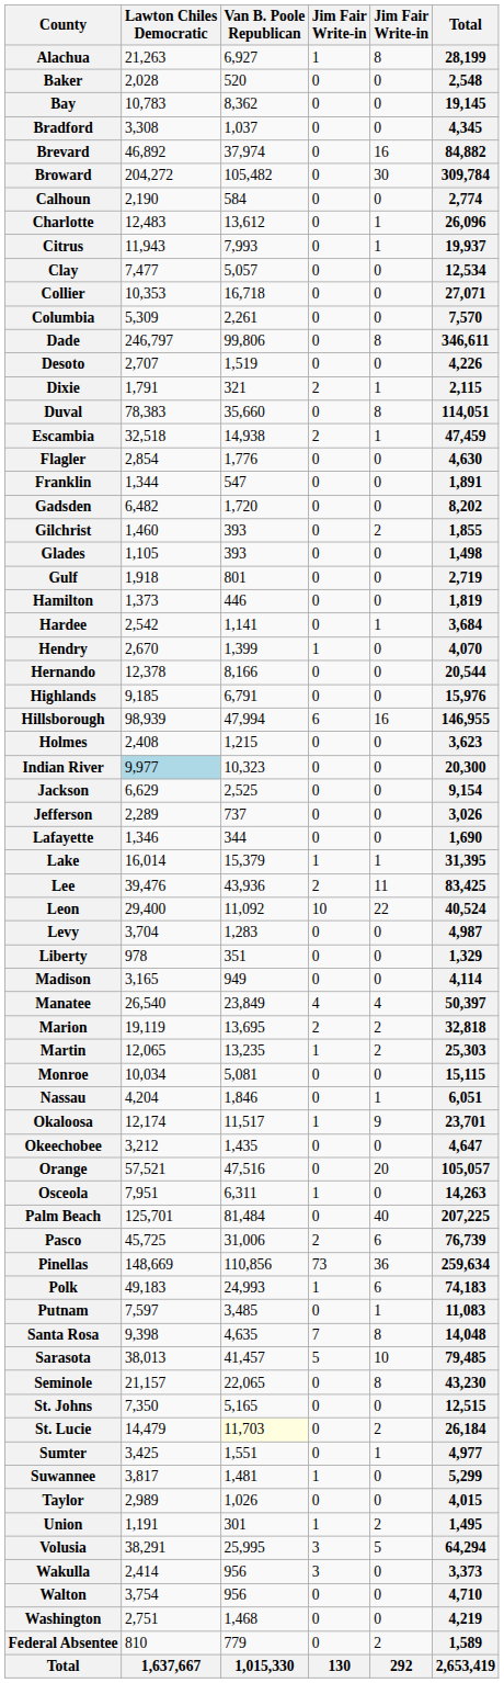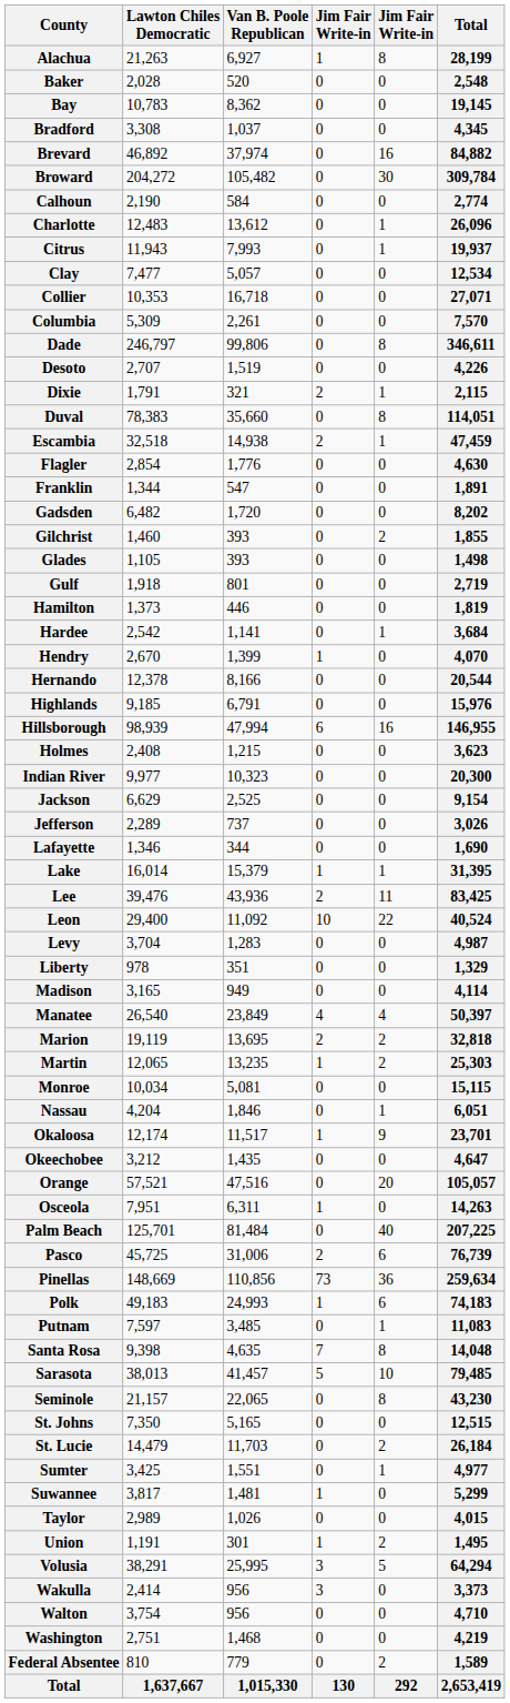 <table class="wikitable">
 <tr>
 <th>County</th>
 <th>Lawton Chiles<br>Democratic</th>
 <th>Van B. Poole<br>Republican</th>
 <th>Jim Fair<br>Write-in</th>
 <th>Jim Fair<br>Write-in</th>
 <th>Total</th>
 </tr>
 <tr>
 <th>Alachua</th>
 <td>21,263</td>
 <td>6,927</td>
 <td>1</td>
 <td>8</td>
 <th>28,199</th>
 </tr>
 <tr>
 <th>Baker</th>
 <td>2,028</td>
 <td>520</td>
 <td>0</td>
 <td>0</td>
 <th>2,548</th>
 </tr>
 <tr>
 <th>Bay</th>
 <td>10,783</td>
 <td>8,362</td>
 <td>0</td>
 <td>0</td>
 <th>19,145</th>
 </tr>
 <tr>
 <th>Bradford</th>
 <td>3,308</td>
 <td>1,037</td>
 <td>0</td>
 <td>0</td>
 <th>4,345</th>
 </tr>
 <tr>
 <th>Brevard</th>
 <td>46,892</td>
 <td>37,974</td>
 <td>0</td>
 <td>16</td>
 <th>84,882</th>
 </tr>
 <tr>
 <th>Broward</th>
 <td>204,272</td>
 <td>105,482</td>
 <td>0</td>
 <td>30</td>
 <th>309,784</th>
 </tr>
 <tr>
 <th>Calhoun</th>
 <td>2,190</td>
 <td>584</td>
 <td>0</td>
 <td>0</td>
 <th>2,774</th>
 </tr>
 <tr>
 <th>Charlotte</th>
 <td>12,483</td>
 <td>13,612</td>
 <td>0</td>
 <td>1</td>
 <th>26,096</th>
 </tr>
 <tr>
 <th>Citrus</th>
 <td>11,943</td>
 <td>7,993</td>
 <td>0</td>
 <td>1</td>
 <th>19,937</th>
 </tr>
 <tr>
 <th>Clay</th>
 <td>7,477</td>
 <td>5,057</td>
 <td>0</td>
 <td>0</td>
 <th>12,534</th>
 </tr>
 <tr>
 <th>Collier</th>
 <td>10,353</td>
 <td>16,718</td>
 <td>0</td>
 <td>0</td>
 <th>27,071</th>
 </tr>
 <tr>
 <th>Columbia</th>
 <td>5,309</td>
 <td>2,261</td>
 <td>0</td>
 <td>0</td>
 <th>7,570</th>
 </tr>
 <tr>
 <th>Dade</th>
 <td>246,797</td>
 <td>99,806</td>
 <td>0</td>
 <td>8</td>
 <th>346,611</th>
 </tr>
 <tr>
 <th>Desoto</th>
 <td>2,707</td>
 <td>1,519</td>
 <td>0</td>
 <td>0</td>
 <th>4,226</th>
 </tr>
 <tr>
 <th>Dixie</th>
 <td>1,791</td>
 <td>321</td>
 <td>2</td>
 <td>1</td>
 <th>2,115</th>
 </tr>
 <tr>
 <th>Duval</th>
 <td>78,383</td>
 <td>35,660</td>
 <td>0</td>
 <td>8</td>
 <th>114,051</th>
 </tr>
 <tr>
 <th>Escambia</th>
 <td>32,518</td>
 <td>14,938</td>
 <td>2</td>
 <td>1</td>
 <th>47,459</th>
 </tr>
 <tr>
 <th>Flagler</th>
 <td>2,854</td>
 <td>1,776</td>
 <td>0</td>
 <td>0</td>
 <th>4,630</th>
 </tr>
 <tr>
 <th>Franklin</th>
 <td>1,344</td>
 <td>547</td>
 <td>0</td>
 <td>0</td>
 <th>1,891</th>
 </tr>
 <tr>
 <th>Gadsden</th>
 <td>6,482</td>
 <td>1,720</td>
 <td>0</td>
 <td>0</td>
 <th>8,202</th>
 </tr>
 <tr>
 <th>Gilchrist</th>
 <td>1,460</td>
 <td>393</td>
 <td>0</td>
 <td>2</td>
 <th>1,855</th>
 </tr>
 <tr>
 <th>Glades</th>
 <td>1,105</td>
 <td>393</td>
 <td>0</td>
 <td>0</td>
 <th>1,498</th>
 </tr>
 <tr>
 <th>Gulf</th>
 <td>1,918</td>
 <td>801</td>
 <td>0</td>
 <td>0</td>
 <th>2,719</th>
 </tr>
 <tr>
 <th>Hamilton</th>
 <td>1,373</td>
 <td>446</td>
 <td>0</td>
 <td>0</td>
 <th>1,819</th>
 </tr>
 <tr>
 <th>Hardee</th>
 <td>2,542</td>
 <td>1,141</td>
 <td>0</td>
 <td>1</td>
 <th>3,684</th>
 </tr>
 <tr>
 <th>Hendry</th>
 <td>2,670</td>
 <td>1,399</td>
 <td>1</td>
 <td>0</td>
 <th>4,070</th>
 </tr>
 <tr>
 <th>Hernando</th>
 <td>12,378</td>
 <td>8,166</td>
 <td>0</td>
 <td>0</td>
 <th>20,544</th>
 </tr>
 <tr>
 <th>Highlands</th>
 <td>9,185</td>
 <td>6,791</td>
 <td>0</td>
 <td>0</td>
 <th>15,976</th>
 </tr>
 <tr>
 <th>Hillsborough</th>
 <td>98,939</td>
 <td>47,994</td>
 <td>6</td>
 <td>16</td>
 <th>146,955</th>
 </tr>
 <tr>
 <th>Holmes</th>
 <td>2,408</td>
 <td>1,215</td>
 <td>0</td>
 <td>0</td>
 <th>3,623</th>
 </tr>
 <tr>
 <th>Indian River</th>
-<td style="background: lightblue;">9,977</td>
+<td>9,977</td>
 <td>10,323</td>
 <td>0</td>
 <td>0</td>
 <th>20,300</th>
 </tr>
 <tr>
 <th>Jackson</th>
 <td>6,629</td>
 <td>2,525</td>
 <td>0</td>
 <td>0</td>
 <th>9,154</th>
 </tr>
 <tr>
 <th>Jefferson</th>
 <td>2,289</td>
 <td>737</td>
 <td>0</td>
 <td>0</td>
 <th>3,026</th>
 </tr>
 <tr>
 <th>Lafayette</th>
 <td>1,346</td>
 <td>344</td>
 <td>0</td>
 <td>0</td>
 <th>1,690</th>
 </tr>
 <tr>
 <th>Lake</th>
 <td>16,014</td>
 <td>15,379</td>
 <td>1</td>
 <td>1</td>
 <th>31,395</th>
 </tr>
 <tr>
 <th>Lee</th>
 <td>39,476</td>
 <td>43,936</td>
 <td>2</td>
 <td>11</td>
 <th>83,425</th>
 </tr>
 <tr>
 <th>Leon</th>
 <td>29,400</td>
 <td>11,092</td>
 <td>10</td>
 <td>22</td>
 <th>40,524</th>
 </tr>
 <tr>
 <th>Levy</th>
 <td>3,704</td>
 <td>1,283</td>
 <td>0</td>
 <td>0</td>
 <th>4,987</th>
 </tr>
 <tr>
 <th>Liberty</th>
 <td>978</td>
 <td>351</td>
 <td>0</td>
 <td>0</td>
 <th>1,329</th>
 </tr>
 <tr>
 <th>Madison</th>
 <td>3,165</td>
 <td>949</td>
 <td>0</td>
 <td>0</td>
 <th>4,114</th>
 </tr>
 <tr>
 <th>Manatee</th>
 <td>26,540</td>
 <td>23,849</td>
 <td>4</td>
 <td>4</td>
 <th>50,397</th>
 </tr>
 <tr>
 <th>Marion</th>
 <td>19,119</td>
 <td>13,695</td>
 <td>2</td>
 <td>2</td>
 <th>32,818</th>
 </tr>
 <tr>
 <th>Martin</th>
 <td>12,065</td>
 <td>13,235</td>
 <td>1</td>
 <td>2</td>
 <th>25,303</th>
 </tr>
 <tr>
 <th>Monroe</th>
 <td>10,034</td>
 <td>5,081</td>
 <td>0</td>
 <td>0</td>
 <th>15,115</th>
 </tr>
 <tr>
 <th>Nassau</th>
 <td>4,204</td>
 <td>1,846</td>
 <td>0</td>
 <td>1</td>
 <th>6,051</th>
 </tr>
 <tr>
 <th>Okaloosa</th>
 <td>12,174</td>
 <td>11,517</td>
 <td>1</td>
 <td>9</td>
 <th>23,701</th>
 </tr>
 <tr>
 <th>Okeechobee</th>
 <td>3,212</td>
 <td>1,435</td>
 <td>0</td>
 <td>0</td>
 <th>4,647</th>
 </tr>
 <tr>
 <th>Orange</th>
 <td>57,521</td>
 <td>47,516</td>
 <td>0</td>
 <td>20</td>
 <th>105,057</th>
 </tr>
 <tr>
 <th>Osceola</th>
 <td>7,951</td>
 <td>6,311</td>
 <td>1</td>
 <td>0</td>
 <th>14,263</th>
 </tr>
 <tr>
 <th>Palm Beach</th>
 <td>125,701</td>
 <td>81,484</td>
 <td>0</td>
 <td>40</td>
 <th>207,225</th>
 </tr>
 <tr>
 <th>Pasco</th>
 <td>45,725</td>
 <td>31,006</td>
 <td>2</td>
 <td>6</td>
 <th>76,739</th>
 </tr>
 <tr>
 <th>Pinellas</th>
 <td>148,669</td>
 <td>110,856</td>
 <td>73</td>
 <td>36</td>
 <th>259,634</th>
 </tr>
 <tr>
 <th>Polk</th>
 <td>49,183</td>
 <td>24,993</td>
 <td>1</td>
 <td>6</td>
 <th>74,183</th>
 </tr>
 <tr>
 <th>Putnam</th>
 <td>7,597</td>
 <td>3,485</td>
 <td>0</td>
 <td>1</td>
 <th>11,083</th>
 </tr>
 <tr>
 <th>Santa Rosa</th>
 <td>9,398</td>
 <td>4,635</td>
 <td>7</td>
 <td>8</td>
 <th>14,048</th>
 </tr>
 <tr>
 <th>Sarasota</th>
 <td>38,013</td>
 <td>41,457</td>
 <td>5</td>
 <td>10</td>
 <th>79,485</th>
 </tr>
 <tr>
 <th>Seminole</th>
 <td>21,157</td>
 <td>22,065</td>
 <td>0</td>
 <td>8</td>
 <th>43,230</th>
 </tr>
 <tr>
 <th>St. Johns</th>
 <td>7,350</td>
 <td>5,165</td>
 <td>0</td>
 <td>0</td>
 <th>12,515</th>
 </tr>
 <tr>
 <th>St. Lucie</th>
 <td>14,479</td>
-<td style="background: lightyellow;">11,703</td>
+<td>11,703</td>
 <td>0</td>
 <td>2</td>
 <th>26,184</th>
 </tr>
 <tr>
 <th>Sumter</th>
 <td>3,425</td>
 <td>1,551</td>
 <td>0</td>
 <td>1</td>
 <th>4,977</th>
 </tr>
 <tr>
 <th>Suwannee</th>
 <td>3,817</td>
 <td>1,481</td>
 <td>1</td>
 <td>0</td>
 <th>5,299</th>
 </tr>
 <tr>
 <th>Taylor</th>
 <td>2,989</td>
 <td>1,026</td>
 <td>0</td>
 <td>0</td>
 <th>4,015</th>
 </tr>
 <tr>
 <th>Union</th>
 <td>1,191</td>
 <td>301</td>
 <td>1</td>
 <td>2</td>
 <th>1,495</th>
 </tr>
 <tr>
 <th>Volusia</th>
 <td>38,291</td>
 <td>25,995</td>
 <td>3</td>
 <td>5</td>
 <th>64,294</th>
 </tr>
 <tr>
 <th>Wakulla</th>
 <td>2,414</td>
 <td>956</td>
 <td>3</td>
 <td>0</td>
 <th>3,373</th>
 </tr>
 <tr>
 <th>Walton</th>
 <td>3,754</td>
 <td>956</td>
 <td>0</td>
 <td>0</td>
 <th>4,710</th>
 </tr>
 <tr>
 <th>Washington</th>
 <td>2,751</td>
 <td>1,468</td>
 <td>0</td>
 <td>0</td>
 <th>4,219</th>
 </tr>
 <tr>
 <th>Federal Absentee</th>
 <td>810</td>
 <td>779</td>
 <td>0</td>
 <td>2</td>
 <th>1,589</th>
 </tr>
 <tr>
 <th>Total</th>
 <th>1,637,667</th>
 <th>1,015,330</th>
 <th>130</th>
 <th>292</th>
 <th>2,653,419</th>
 </tr>
 </table>
